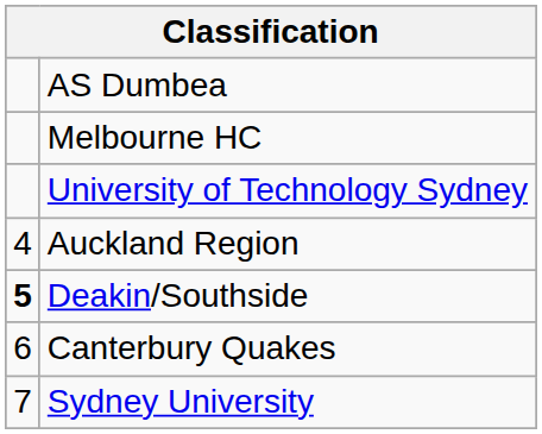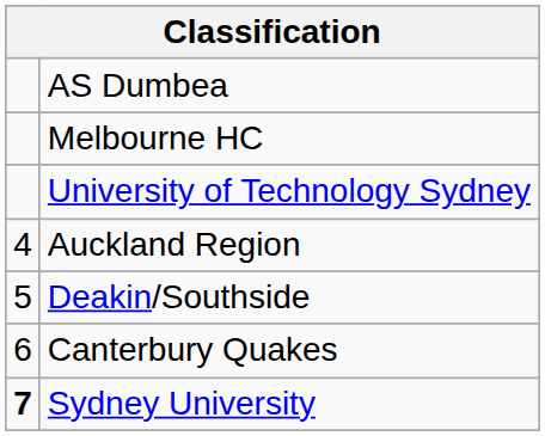 <table class="wikitable" font-size: 90%;>
 <tr>
 <th colspan=2>Classification</th>
 </tr>
 <tr valign="top">
 <td></td>
 <td> AS Dumbea</td>
 </tr>
 <tr>
 <td></td>
 <td> Melbourne HC</td>
 </tr>
 <tr>
 <td></td>
 <td> <a href='#'>University of Technology Sydney</a></td>
 </tr>
 <tr>
 <td>4</td>
 <td> Auckland Region</td>
 </tr>
 <tr>
-<td><strong>5</strong></td>
+<td>5</td>
 <td> <a href='#'>Deakin</a>/Southside</td>
 </tr>
 <tr>
 <td>6</td>
 <td> Canterbury Quakes</td>
 </tr>
 <tr>
-<td>7</td>
+<td><strong>7</strong></td>
 <td> <a href='#'>Sydney University</a></td>
 </tr>
 </table>
